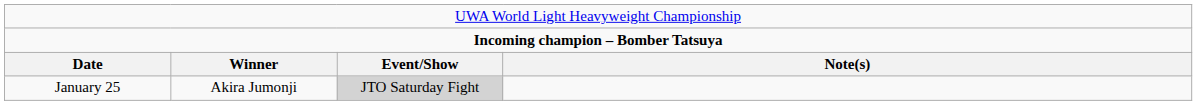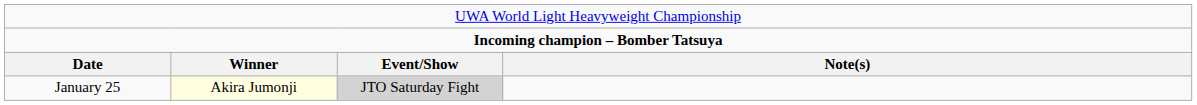 <table class="wikitable" style="text-align:center; width:100%;">
 <tr>
 <td colspan="4" style="text-align: center;"><a href='#'>UWA World Light Heavyweight Championship</a></td>
 </tr>
 <tr>
 <td colspan="4" style="text-align: center;"><strong>Incoming champion – Bomber Tatsuya</strong></td>
 </tr>
 <tr>
 <th width=14%>Date</th>
 <th width=14%>Winner</th>
 <th width=14%>Event/Show</th>
 <th width=58%>Note(s)</th>
 </tr>
 <tr>
 <td>January 25</td>
-<td>Akira Jumonji</td>
+<td style="background: lightyellow;">Akira Jumonji</td>
 <td style="background: lightgrey;">JTO Saturday Fight</td>
 <td></td>
 </tr>
 </table>
